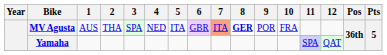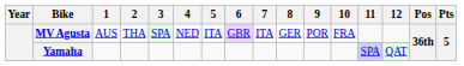 <table class="wikitable" style="text-align:center; font-size:90%;">
 <tr>
 <th>Year</th>
 <th>Bike</th>
 <th>1</th>
 <th>2</th>
 <th>3</th>
 <th>4</th>
 <th>5</th>
 <th>6</th>
 <th>7</th>
 <th>8</th>
 <th>9</th>
 <th>10</th>
 <th>11</th>
 <th>12</th>
 <th>Pos</th>
 <th>Pts</th>
 </tr>
 <tr>
 <th rowspan="2"></th>
 <th><a href='#'>MV Agusta</a></th>
 <td><a href='#'>AUS</a></td>
 <td><a href='#'>THA</a></td>
 <td style="background:#DFFFDF;"><a href='#'>SPA</a><br></td>
 <td><a href='#'>NED</a></td>
 <td><a href='#'>ITA</a></td>
 <td style="background:#EFCFFF;"><a href='#'>GBR</a><br></td>
-<td style="background: lightsalmon;"><a href='#'>ITA</a></td>
-<td style="background:#FFFFFF;"><strong><a href='#'>GER</a><br></strong></td>
+<td><a href='#'>ITA</a></td>
+<td style="background:#FFFFFF;"><a href='#'>GER</a><br></td>
 <td><a href='#'>POR</a></td>
 <td><a href='#'>FRA</a></td>
 <td></td>
 <td></td>
 <th rowspan="2">36th</th>
 <th rowspan="2">5</th>
 </tr>
 <tr>
 <th><a href='#'>Yamaha</a></th>
 <td></td>
 <td></td>
 <td></td>
 <td></td>
 <td></td>
 <td></td>
 <td></td>
 <td></td>
 <td></td>
 <td></td>
 <td style="background:#CFCFFF;"><a href='#'>SPA</a><br></td>
 <td style="background:#DFFFDF;"><a href='#'>QAT</a><br></td>
 </tr>
 </table>
